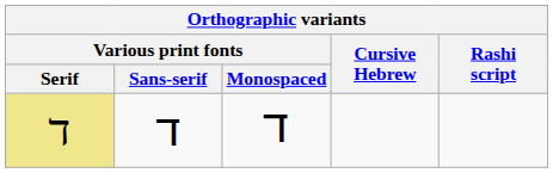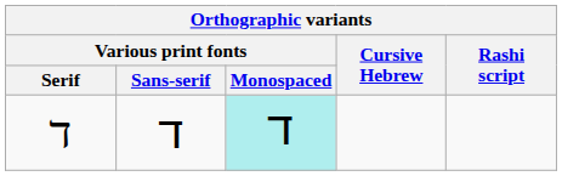 <table class=wikitable style="text-align:center;">
 <tr>
 <th colspan=5><a href='#'>Orthographic</a> variants</th>
 </tr>
 <tr>
 <th colspan=3>Various print fonts</th>
 <th rowspan=2><a href='#'>Cursive<br>Hebrew</a></th>
 <th rowspan=2><a href='#'>Rashi<br>script</a></th>
 </tr>
 <tr>
 <th>Serif</th>
 <th><a href='#'>Sans-serif</a></th>
 <th><a href='#'>Monospaced</a></th>
 </tr>
 <tr>
-<td width=20% style="background: khaki; font:30pt 'Times New Roman', 'SBL Hebrew', David, Narkisim, 'New Peninim MT', 'Taamey Frank CLM', serif;">ד</td>
+<td width=20% style="font:30pt 'Times New Roman', 'SBL Hebrew', David, Narkisim, 'New Peninim MT', 'Taamey Frank CLM', serif;">ד</td>
 <td width=20% style="font:29pt Arial, 'DejaVu Sans Condensed', 'DejaVu Sans', Tahoma, 'Noto Sans Hebrew', Alef, sans-serif;">ד</td>
-<td width=20% style="font:30pt 'Courier New', 'Miriam Fixed', 'Miriam Mono CLM', FreeMono, monospace;">ד</td>
+<td width=20% style="background: paleturquoise; font:30pt 'Courier New', 'Miriam Fixed', 'Miriam Mono CLM', FreeMono, monospace;">ד</td>
 <td width=20%></td>
 <td width=20%></td>
 </tr>
 </table>
